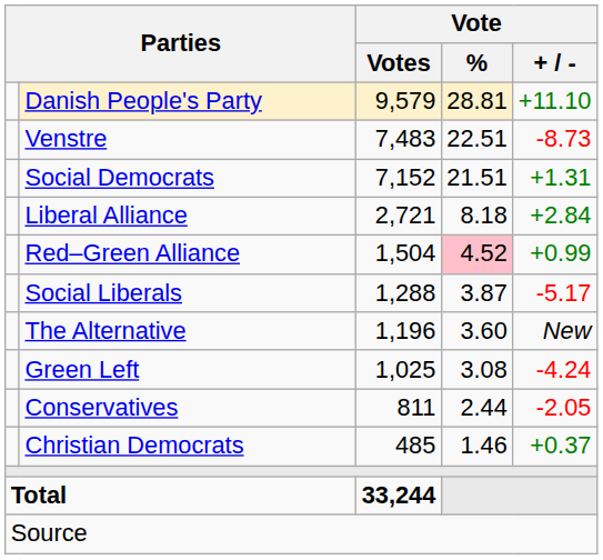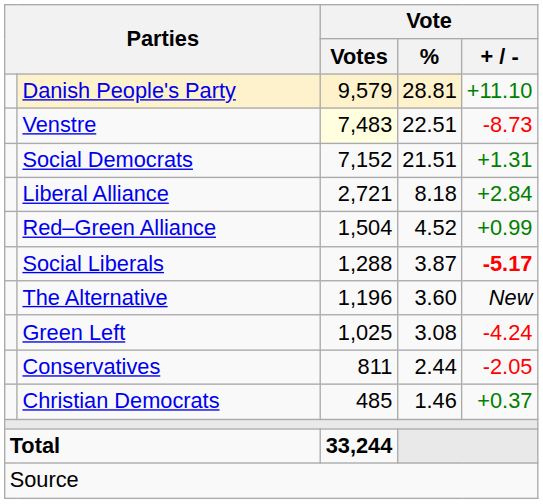 <table class="wikitable" style="text-align:right;">
 <tr>
 <th style="text-align:centre;" rowspan="2" colspan="2" width="225">Parties</th>
 <th colspan="3">Vote</th>
 </tr>
 <tr>
 <th width="15">Votes</th>
 <th width="15">%</th>
 <th width="15">+ / -</th>
 </tr>
 <tr>
 <td width="2" style="color:inherit;background:"></td>
 <td bgcolor=#fef2cc  align="left"><a href='#'>Danish People's Party</a></td>
 <td bgcolor=#fef2cc>9,579</td>
 <td bgcolor=#fef2cc>28.81</td>
 <td style=color:green;>+11.10</td>
 </tr>
 <tr>
 <td width="2" style="color:inherit;background:"></td>
 <td align="left"><a href='#'>Venstre</a></td>
-<td>7,483</td>
+<td style="background: lightyellow;">7,483</td>
 <td>22.51</td>
 <td style=color:red;>-8.73</td>
 </tr>
 <tr>
 <td width="2" style="color:inherit;background:"></td>
 <td align="left"><a href='#'>Social Democrats</a></td>
 <td>7,152</td>
 <td>21.51</td>
 <td style=color:green;>+1.31</td>
 </tr>
 <tr>
 <td width="2" style="color:inherit;background:"></td>
 <td align="left"><a href='#'>Liberal Alliance</a></td>
 <td>2,721</td>
 <td>8.18</td>
 <td style=color:green;>+2.84</td>
 </tr>
 <tr>
 <td width="2" style="color:inherit;background:"></td>
 <td align="left"><a href='#'>Red–Green Alliance</a></td>
 <td>1,504</td>
-<td style="background: pink;">4.52</td>
+<td>4.52</td>
 <td style=color:green;>+0.99</td>
 </tr>
 <tr>
 <td width="2" style="color:inherit;background:"></td>
 <td align="left"><a href='#'>Social Liberals</a></td>
 <td>1,288</td>
 <td>3.87</td>
-<td style=color:red;>-5.17</td>
+<td style=color:red;><strong>-5.17</strong></td>
 </tr>
 <tr>
 <td width="2" style="color:inherit;background:"></td>
 <td align="left"><a href='#'>The Alternative</a></td>
 <td>1,196</td>
 <td>3.60</td>
 <td><em>New</em></td>
 </tr>
 <tr>
 <td width="2" style="color:inherit;background:"></td>
 <td align="left"><a href='#'>Green Left</a></td>
 <td>1,025</td>
 <td>3.08</td>
 <td style=color:red;>-4.24</td>
 </tr>
 <tr>
 <td width="2" style="color:inherit;background:"></td>
 <td align="left"><a href='#'>Conservatives</a></td>
 <td>811</td>
 <td>2.44</td>
 <td style=color:red;>-2.05</td>
 </tr>
 <tr>
 <td width="2" style="color:inherit;background:"></td>
 <td align="left"><a href='#'>Christian Democrats</a></td>
 <td>485</td>
 <td>1.46</td>
 <td style=color:green;>+0.37</td>
 </tr>
 <tr>
 <td colspan="7" bgcolor="#E9E9E9"></td>
 </tr>
 <tr>
 <td align="left" colspan="2"><strong>Total</strong></td>
 <td><strong>33,244</strong></td>
 <td bgcolor="#E9E9E9" colspan="2"></td>
 </tr>
 <tr>
 <td align="left" colspan="6">Source</td>
 </tr>
 </table>
